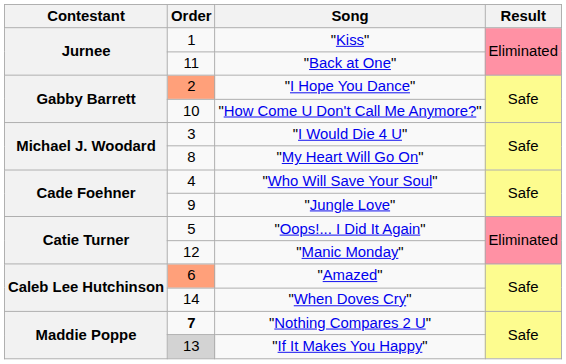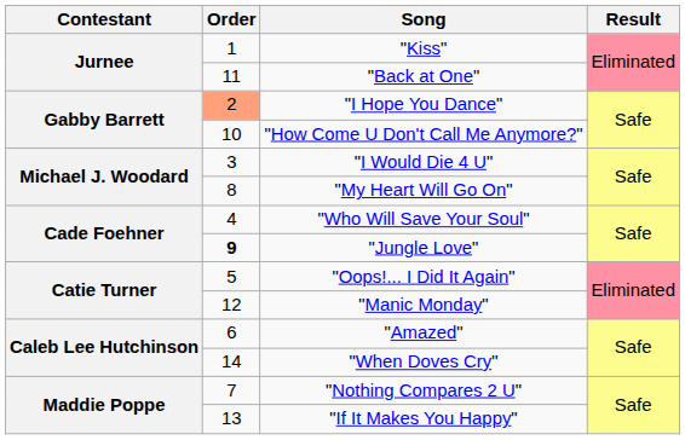 <table class="wikitable unsortable" style="text-align:center;">
 <tr>
 <th scope="col">Contestant</th>
 <th scope="col">Order</th>
 <th scope="col">Song</th>
 <th scope="col">Result</th>
 </tr>
 <tr>
 <th scope="row" rowspan="2">Jurnee</th>
 <td>1</td>
 <td>"<a href='#'>Kiss</a>"</td>
 <td rowspan="2" style="background:#FF91A4;">Eliminated</td>
 </tr>
 <tr>
 <td>11</td>
 <td>"<a href='#'>Back at One</a>"</td>
 </tr>
 <tr>
 <th scope="row" rowspan="2">Gabby Barrett</th>
 <td style="background: lightsalmon;">2</td>
 <td>"<a href='#'>I Hope You Dance</a>"</td>
 <td rowspan="2" style="background:#FDFC8F;">Safe</td>
 </tr>
 <tr>
 <td>10</td>
 <td>"<a href='#'>How Come U Don't Call Me Anymore?</a>"</td>
 </tr>
 <tr>
 <th scope="row" rowspan="2">Michael J. Woodard</th>
 <td>3</td>
 <td>"<a href='#'>I Would Die 4 U</a>"</td>
 <td rowspan="2" style="background:#FDFC8F;">Safe</td>
 </tr>
 <tr>
 <td>8</td>
 <td>"<a href='#'>My Heart Will Go On</a>"</td>
 </tr>
 <tr>
 <th scope="row" rowspan="2">Cade Foehner</th>
 <td>4</td>
 <td>"<a href='#'>Who Will Save Your Soul</a>"</td>
 <td rowspan="2" style="background:#FDFC8F;">Safe</td>
 </tr>
 <tr>
-<td>9</td>
+<td><strong>9</strong></td>
 <td>"<a href='#'>Jungle Love</a>"</td>
 </tr>
 <tr>
 <th scope="row" rowspan="2">Catie Turner</th>
 <td>5</td>
 <td>"<a href='#'>Oops!... I Did It Again</a>"</td>
 <td rowspan="2" style="background:#FF91A4;">Eliminated</td>
 </tr>
 <tr>
 <td>12</td>
 <td>"<a href='#'>Manic Monday</a>"</td>
 </tr>
 <tr>
 <th scope="row" rowspan="2">Caleb Lee Hutchinson</th>
-<td style="background: lightsalmon;">6</td>
+<td>6</td>
 <td>"<a href='#'>Amazed</a>"</td>
 <td rowspan="2" style="background:#FDFC8F;">Safe</td>
 </tr>
 <tr>
 <td>14</td>
 <td>"<a href='#'>When Doves Cry</a>"</td>
 </tr>
 <tr>
 <th scope="row" rowspan="2">Maddie Poppe</th>
-<td><strong>7</strong></td>
+<td>7</td>
 <td>"<a href='#'>Nothing Compares 2 U</a>"</td>
 <td rowspan="2" style="background:#FDFC8F;">Safe</td>
 </tr>
 <tr>
-<td style="background: lightgrey;">13</td>
+<td>13</td>
 <td>"<a href='#'>If It Makes You Happy</a>"</td>
 </tr>
 </table>
